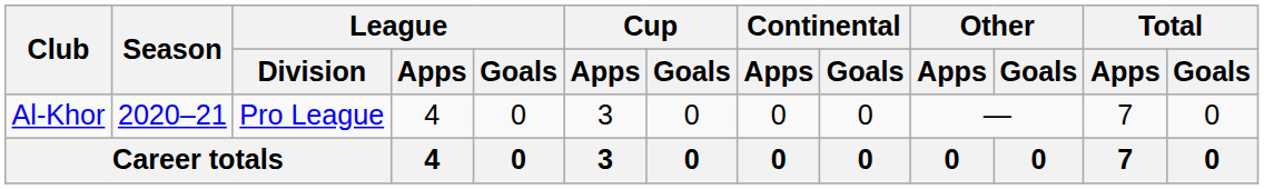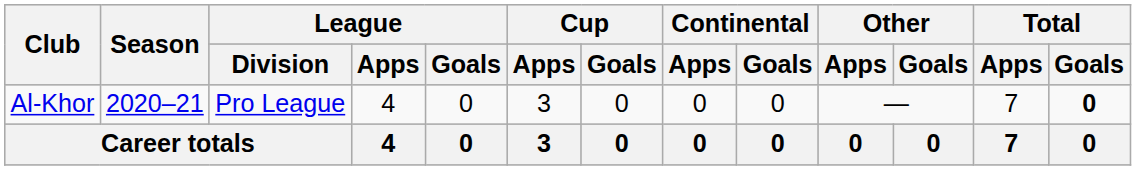 <table class="wikitable" style="text-align: center">
 <tr>
 <th rowspan="2">Club</th>
 <th rowspan="2">Season</th>
 <th colspan="3">League</th>
 <th colspan="2">Cup</th>
 <th colspan="2">Continental</th>
 <th colspan="2">Other</th>
 <th colspan="2">Total</th>
 </tr>
 <tr>
 <th>Division</th>
 <th>Apps</th>
 <th>Goals</th>
 <th>Apps</th>
 <th>Goals</th>
 <th>Apps</th>
 <th>Goals</th>
 <th>Apps</th>
 <th>Goals</th>
 <th>Apps</th>
 <th>Goals</th>
 </tr>
 <tr>
 <td rowspan=1><a href='#'>Al-Khor</a></td>
 <td><a href='#'>2020–21</a></td>
 <td><a href='#'>Pro League</a></td>
 <td>4</td>
 <td>0</td>
 <td>3</td>
 <td>0</td>
 <td>0</td>
 <td>0</td>
 <td colspan=2>—</td>
 <td>7</td>
-<td>0</td>
+<td><strong>0</strong></td>
 </tr>
 <tr>
 <th colspan=3>Career totals</th>
 <th>4</th>
 <th>0</th>
 <th>3</th>
 <th>0</th>
 <th>0</th>
 <th>0</th>
 <th>0</th>
 <th>0</th>
 <th>7</th>
 <th>0</th>
 </tr>
 </table>
